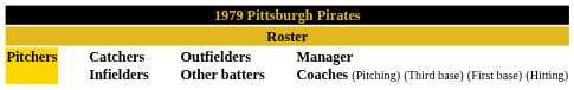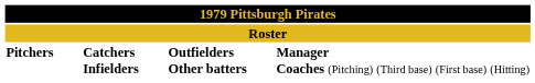 <table class="toccolours" style="font-size: 95%;">
 <tr>
 <th colspan="10" style="background-color: black; color: #e1b81e; text-align: center;">1979 Pittsburgh Pirates</th>
 </tr>
 <tr>
 <td colspan="10" style="background-color: #e1b81e; color: black; text-align: center;"><strong>Roster</strong></td>
 </tr>
 <tr>
-<td valign="top" style="background: gold;"><strong>Pitchers</strong><br>             </td>
+<td valign="top"><strong>Pitchers</strong><br>             </td>
 <td width="25px"></td>
 <td valign="top"><strong>Catchers</strong><br>   <strong>Infielders</strong>       </td>
 <td width="25px"></td>
 <td valign="top"><strong>Outfielders</strong><br>       <strong>Other batters</strong>   </td>
 <td width="25px"></td>
 <td valign="top"><strong>Manager</strong><br> <strong>Coaches</strong>  <small>(Pitching)</small>  <small>(Third base)</small>  <small>(First base)</small>  <small>(Hitting)</small></td>
 </tr>
 </table>
